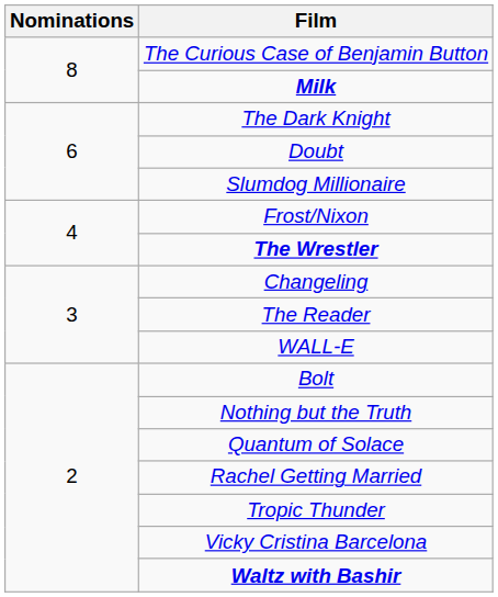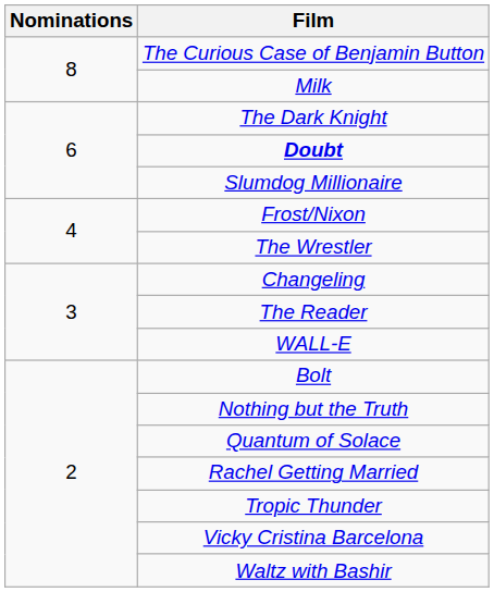 <table class="wikitable" rowspan="2" style="text-align:center;" background: #f6e39c;>
 <tr>
 <th scope="col" style="width:55px;">Nominations</th>
 <th scope="col" style="text-align:center;">Film</th>
 </tr>
 <tr>
 <td rowspan="2">8</td>
 <td><em><a href='#'>The Curious Case of Benjamin Button</a></em></td>
 </tr>
 <tr>
-<td><strong><em><a href='#'>Milk</a></em></strong></td>
+<td><em><a href='#'>Milk</a></em></td>
 </tr>
 <tr>
 <td rowspan="3">6</td>
 <td><em><a href='#'>The Dark Knight</a></em></td>
 </tr>
 <tr>
-<td><em><a href='#'>Doubt</a></em></td>
+<td><strong><em><a href='#'>Doubt</a></em></strong></td>
 </tr>
 <tr>
 <td><em><a href='#'>Slumdog Millionaire</a></em></td>
 </tr>
 <tr>
 <td rowspan="2">4</td>
 <td><em><a href='#'>Frost/Nixon</a></em></td>
 </tr>
 <tr>
-<td><strong><em><a href='#'>The Wrestler</a></em></strong></td>
+<td><em><a href='#'>The Wrestler</a></em></td>
 </tr>
 <tr>
 <td rowspan="3">3</td>
 <td><em><a href='#'>Changeling</a></em></td>
 </tr>
 <tr>
 <td><em><a href='#'>The Reader</a></em></td>
 </tr>
 <tr>
 <td><em><a href='#'>WALL-E</a></em></td>
 </tr>
 <tr>
 <td rowspan="7">2</td>
 <td><em><a href='#'>Bolt</a></em></td>
 </tr>
 <tr>
 <td><em><a href='#'>Nothing but the Truth</a></em></td>
 </tr>
 <tr>
 <td><em><a href='#'>Quantum of Solace</a></em></td>
 </tr>
 <tr>
 <td><em><a href='#'>Rachel Getting Married</a></em></td>
 </tr>
 <tr>
 <td><em><a href='#'>Tropic Thunder</a></em></td>
 </tr>
 <tr>
 <td><em><a href='#'>Vicky Cristina Barcelona</a></em></td>
 </tr>
 <tr>
-<td><strong><em><a href='#'>Waltz with Bashir</a></em></strong></td>
+<td><em><a href='#'>Waltz with Bashir</a></em></td>
 </tr>
 </table>
